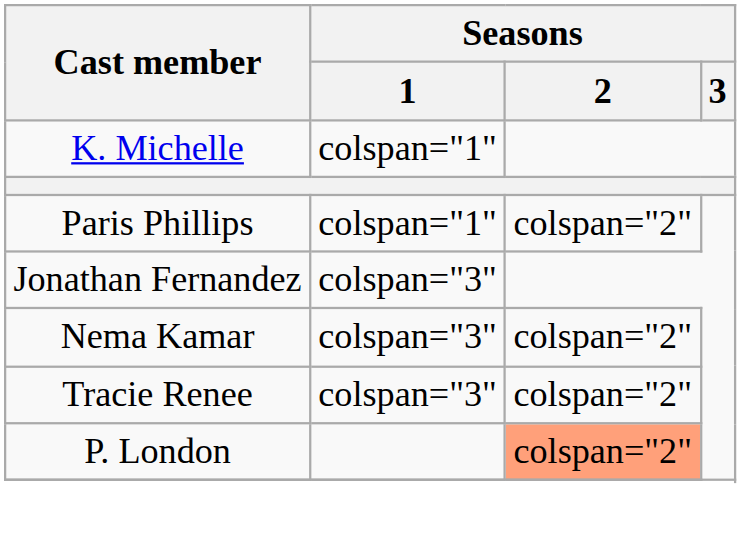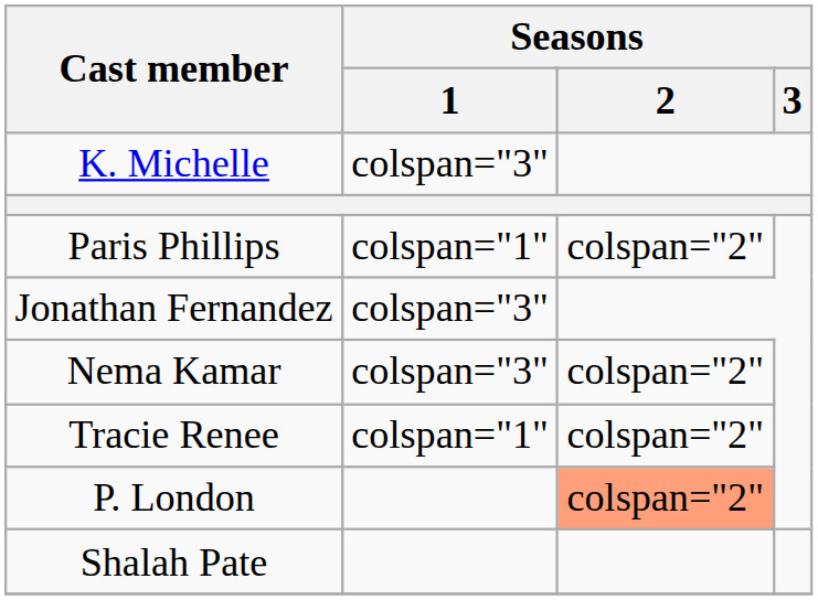 <table class="wikitable plainrowheaders" style="text-align:center;">
 <tr>
 <th scope="col" rowspan="2">Cast member</th>
 <th scope="col" colspan="3">Seasons</th>
 </tr>
 <tr>
 <th scope="col">1</th>
 <th scope="col">2</th>
 <th scope="col">3</th>
 </tr>
 <tr>
 <td scope="row"><a href='#'>K. Michelle</a></td>
-<td>colspan="1" </td>
+<td>colspan="3" </td>
 </tr>
 <tr>
 <th scope="col" colspan="4"></th>
 </tr>
 <tr>
 <td scope="row">Paris Phillips</td>
 <td>colspan="1" </td>
 <td>colspan="2" </td>
 </tr>
 <tr>
 <td scope="row">Jonathan Fernandez</td>
 <td>colspan="3" </td>
 </tr>
 <tr>
 <td scope="row">Nema Kamar</td>
 <td>colspan="3" </td>
 <td>colspan="2" </td>
 </tr>
 <tr>
 <td scope="row">Tracie Renee</td>
-<td>colspan="3" </td>
+<td>colspan="1" </td>
 <td>colspan="2" </td>
 </tr>
 <tr>
 <td scope="row">P. London</td>
 <td></td>
 <td style="background: lightsalmon;">colspan="2" </td>
 </tr>
 <tr>
+<td scope="row">Shalah Pate</td>
+<td></td>
+<td></td>
+<td></td>
+</tr>
+<tr>
 </tr>
 </table>
